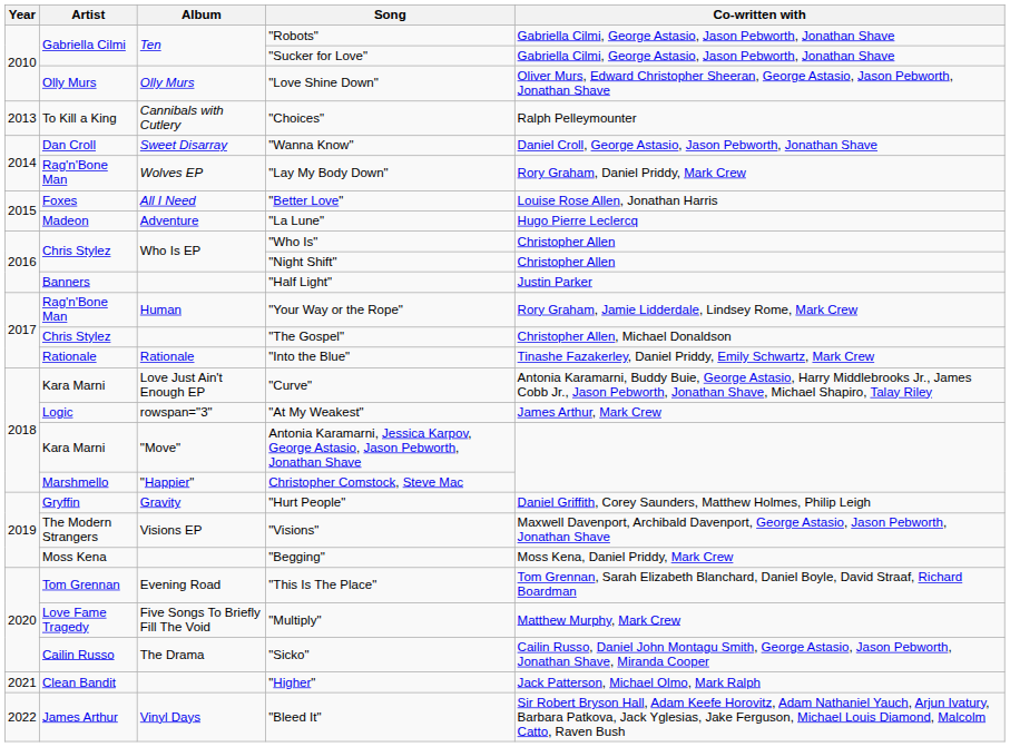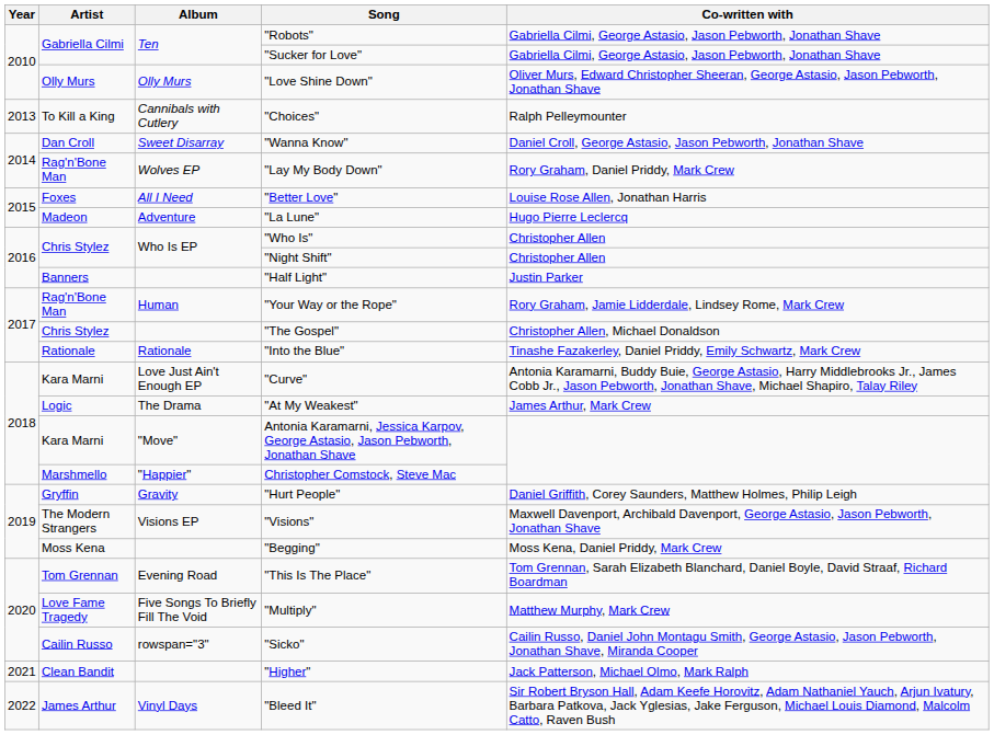 <table class="wikitable">
 <tr>
 <th>Year</th>
 <th>Artist</th>
 <th>Album</th>
 <th>Song</th>
 <th>Co-written with</th>
 </tr>
 <tr>
 <td rowspan="3">2010</td>
 <td rowspan="2"><a href='#'>Gabriella Cilmi</a></td>
 <td rowspan="2"><em><a href='#'>Ten</a></em></td>
 <td>"Robots"</td>
 <td><a href='#'>Gabriella Cilmi</a>, <a href='#'>George Astasio</a>, <a href='#'>Jason Pebworth</a>, <a href='#'>Jonathan Shave</a></td>
 </tr>
 <tr>
 <td>"Sucker for Love"</td>
 <td><a href='#'>Gabriella Cilmi</a>, <a href='#'>George Astasio</a>, <a href='#'>Jason Pebworth</a>, <a href='#'>Jonathan Shave</a></td>
 </tr>
 <tr>
 <td><a href='#'>Olly Murs</a></td>
 <td><em><a href='#'>Olly Murs</a></em></td>
 <td>"Love Shine Down" </td>
 <td><a href='#'>Oliver Murs</a>, <a href='#'>Edward Christopher Sheeran</a>, <a href='#'>George Astasio</a>, <a href='#'>Jason Pebworth</a>, <a href='#'>Jonathan Shave</a></td>
 </tr>
 <tr>
 <td>2013</td>
 <td>To Kill a King</td>
 <td><em>Cannibals with Cutlery</em></td>
 <td>"Choices"</td>
 <td>Ralph Pelleymounter</td>
 </tr>
 <tr>
 <td rowspan="2">2014</td>
 <td><a href='#'>Dan Croll</a></td>
 <td><em><a href='#'>Sweet Disarray</a></em></td>
 <td>"Wanna Know"</td>
 <td><a href='#'>Daniel Croll</a>, <a href='#'>George Astasio</a>, <a href='#'>Jason Pebworth</a>, <a href='#'>Jonathan Shave</a></td>
 </tr>
 <tr>
 <td><a href='#'>Rag'n'Bone Man</a></td>
 <td><em>Wolves EP</em></td>
 <td>"Lay My Body Down"</td>
 <td><a href='#'>Rory Graham</a>, Daniel Priddy, <a href='#'>Mark Crew</a></td>
 </tr>
 <tr>
 <td rowspan="2">2015</td>
 <td><a href='#'>Foxes</a></td>
 <td><em><a href='#'>All I Need</a></em></td>
 <td>"<a href='#'>Better Love</a>"</td>
 <td><a href='#'>Louise Rose Allen</a>, Jonathan Harris</td>
 </tr>
 <tr>
 <td><a href='#'>Madeon</a></td>
 <td><a href='#'>Adventure</a><em></td>
 <td>"La Lune"</td>
 <td><a href='#'>Hugo Pierre Leclercq</a></td>
 </tr>
 <tr>
 <td rowspan="3">2016</td>
 <td rowspan="2"><a href='#'>Chris Stylez</a></td>
 <td rowspan="2"></em>Who Is EP<em></td>
 <td>"Who Is"</td>
 <td><a href='#'>Christopher Allen</a></td>
 </tr>
 <tr>
 <td>"Night Shift"</td>
 <td><a href='#'>Christopher Allen</a></td>
 </tr>
 <tr>
 <td><a href='#'>Banners</a></td>
 <td></td>
 <td>"Half Light"</td>
 <td><a href='#'>Justin Parker</a></td>
 </tr>
 <tr>
 <td rowspan="3">2017</td>
 <td><a href='#'>Rag'n'Bone Man</a></td>
 <td></em><a href='#'>Human</a><em></td>
 <td>"Your Way or the Rope"</td>
 <td><a href='#'>Rory Graham</a>, <a href='#'>Jamie Lidderdale</a>, Lindsey Rome, <a href='#'>Mark Crew</a></td>
 </tr>
 <tr>
 <td><a href='#'>Chris Stylez</a></td>
 <td></td>
 <td>"The Gospel"</td>
 <td><a href='#'>Christopher Allen</a>, Michael Donaldson</td>
 </tr>
 <tr>
 <td><a href='#'>Rationale</a></td>
 <td></em><a href='#'>Rationale</a><em></td>
 <td>"Into the Blue"</td>
 <td><a href='#'>Tinashe Fazakerley</a>, Daniel Priddy, <a href='#'>Emily Schwartz</a>, <a href='#'>Mark Crew</a></td>
 </tr>
 <tr>
 <td rowspan="4">2018</td>
 <td>Kara Marni</td>
 <td></em>Love Just Ain't Enough EP<em></td>
 <td>"Curve"</td>
 <td>Antonia Karamarni, Buddy Buie, <a href='#'>George Astasio</a>, Harry Middlebrooks Jr., James Cobb Jr., <a href='#'>Jason Pebworth</a>, <a href='#'>Jonathan Shave</a>, Michael Shapiro, <a href='#'>Talay Riley</a></td>
 </tr>
 <tr>
 <td><a href='#'>Logic</a></td>
-<td>rowspan="3" </td>
+<td></em>The Drama<em></td>
 <td>"At My Weakest"</td>
 <td><a href='#'>James Arthur</a>, <a href='#'>Mark Crew</a></td>
 </tr>
 <tr>
 <td>Kara Marni</td>
 <td>"Move"</td>
 <td>Antonia Karamarni, <a href='#'>Jessica Karpov</a>, <a href='#'>George Astasio</a>, <a href='#'>Jason Pebworth</a>, <a href='#'>Jonathan Shave</a></td>
 </tr>
 <tr>
 <td><a href='#'>Marshmello</a></td>
 <td>"<a href='#'>Happier</a>"<br></td>
 <td><a href='#'>Christopher Comstock</a>, <a href='#'>Steve Mac</a></td>
 </tr>
 <tr>
 <td rowspan="3">2019</td>
 <td><a href='#'>Gryffin</a></td>
 <td></em><a href='#'>Gravity</a><em></td>
 <td>"Hurt People"<br></td>
 <td><a href='#'>Daniel Griffith</a>, Corey Saunders, Matthew Holmes, Philip Leigh</td>
 </tr>
 <tr>
 <td>The Modern Strangers</td>
 <td></em>Visions EP<em></td>
 <td>"Visions"</td>
 <td>Maxwell Davenport, Archibald Davenport, <a href='#'>George Astasio</a>, <a href='#'>Jason Pebworth</a>, <a href='#'>Jonathan Shave</a></td>
 </tr>
 <tr>
 <td>Moss Kena</td>
 <td></td>
 <td>"Begging"</td>
 <td>Moss Kena, Daniel Priddy, <a href='#'>Mark Crew</a></td>
 </tr>
 <tr>
 <td rowspan="3">2020</td>
 <td><a href='#'>Tom Grennan</a></td>
 <td></em>Evening Road<em></td>
 <td>"This Is The Place"</td>
 <td><a href='#'>Tom Grennan</a>, Sarah Elizabeth Blanchard, Daniel Boyle, David Straaf, <a href='#'>Richard Boardman</a></td>
 </tr>
 <tr>
 <td><a href='#'>Love Fame Tragedy</a></td>
 <td></em>Five Songs To Briefly Fill The Void<em></td>
 <td>"Multiply"<br></td>
 <td><a href='#'>Matthew Murphy</a>, <a href='#'>Mark Crew</a></td>
 </tr>
 <tr>
 <td><a href='#'>Cailin Russo</a></td>
-<td></em>The Drama<em></td>
+<td>rowspan="3" </td>
 <td>"Sicko"</td>
 <td><a href='#'>Cailin Russo</a>, <a href='#'>Daniel John Montagu Smith</a>, <a href='#'>George Astasio</a>, <a href='#'>Jason Pebworth</a>, <a href='#'>Jonathan Shave</a>, <a href='#'>Miranda Cooper</a></td>
 </tr>
 <tr>
 <td>2021</td>
 <td><a href='#'>Clean Bandit</a></td>
 <td></td>
 <td>"<a href='#'>Higher</a>"<br></td>
 <td><a href='#'>Jack Patterson</a>, <a href='#'>Michael Olmo</a>, <a href='#'>Mark Ralph</a></td>
 </tr>
 <tr>
 <td>2022</td>
 <td><a href='#'>James Arthur</a></td>
 <td><a href='#'>Vinyl Days</a></td>
 <td>"Bleed It"</td>
 <td><a href='#'>Sir Robert Bryson Hall</a>, <a href='#'>Adam Keefe Horovitz</a>, <a href='#'>Adam Nathaniel Yauch</a>, <a href='#'>Arjun Ivatury</a>, Barbara Patkova, Jack Yglesias, Jake Ferguson, <a href='#'>Michael Louis Diamond</a>, <a href='#'>Malcolm Catto</a>, Raven Bush</td>
 </tr>
 </table>
